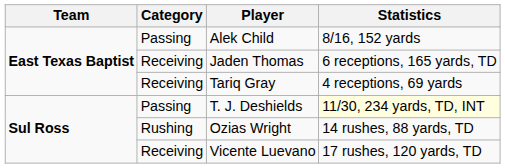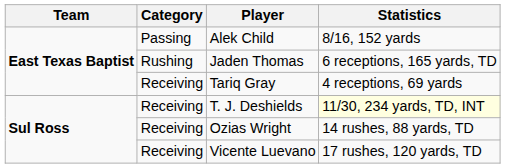 <table class="wikitable" style="float: right;">
 <tr>
 <th>Team</th>
 <th>Category</th>
 <th>Player</th>
 <th>Statistics</th>
 </tr>
 <tr>
 <td rowspan=3><strong>East Texas Baptist</strong></td>
 <td>Passing</td>
 <td>Alek Child</td>
 <td>8/16, 152 yards</td>
 </tr>
 <tr>
-<td>Receiving</td>
+<td>Rushing</td>
 <td>Jaden Thomas</td>
 <td>6 receptions, 165 yards, TD</td>
 </tr>
 <tr>
 <td>Receiving</td>
 <td>Tariq Gray</td>
 <td>4 receptions, 69 yards</td>
 </tr>
 <tr>
 <td rowspan=3><strong>Sul Ross</strong></td>
-<td>Passing</td>
+<td>Receiving</td>
 <td>T. J. Deshields</td>
 <td style="background: lightyellow;">11/30, 234 yards, TD, INT</td>
 </tr>
 <tr>
-<td>Rushing</td>
+<td>Receiving</td>
 <td>Ozias Wright</td>
 <td>14 rushes, 88 yards, TD</td>
 </tr>
 <tr>
 <td>Receiving</td>
 <td>Vicente Luevano</td>
 <td>17 rushes, 120 yards, TD</td>
 </tr>
 </table>
